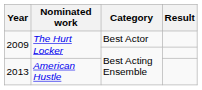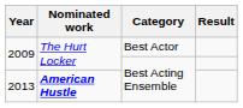 <table class="wikitable sortable" width="50%">
 <tr>
 <th width="1%">Year</th>
 <th width="45%">Nominated work</th>
 <th width="40%">Category</th>
 <th width="14%">Result</th>
 </tr>
 <tr>
 <td rowspan="2">2009</td>
 <td rowspan="2"><em><a href='#'>The Hurt Locker</a></em></td>
 <td>Best Actor</td>
 <td></td>
 </tr>
 <tr>
 <td rowspan="2">Best Acting Ensemble</td>
 <td></td>
 </tr>
 <tr>
 <td>2013</td>
-<td><em><a href='#'>American Hustle</a></em></td>
+<td><strong><em><a href='#'>American Hustle</a></em></strong></td>
 <td></td>
 </tr>
 </table>
